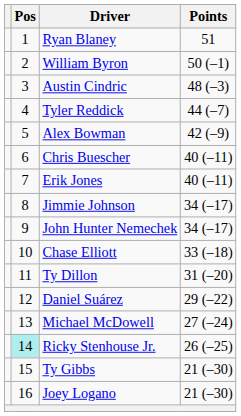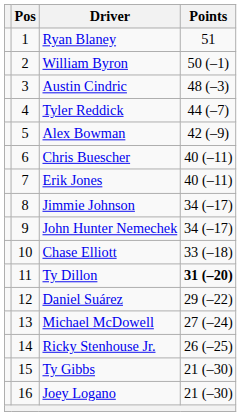 <table class="wikitable" style="font-size: 95%;">
 <tr>
 <th></th>
 <th>Pos</th>
 <th>Driver</th>
 <th>Points</th>
 </tr>
 <tr>
 <td align="left"></td>
 <td style="text-align:center;">1</td>
 <td><a href='#'>Ryan Blaney</a></td>
 <td style="text-align:center;">51</td>
 </tr>
 <tr>
 <td align="left"></td>
 <td style="text-align:center;">2</td>
 <td><a href='#'>William Byron</a></td>
 <td style="text-align:center;">50 (–1)</td>
 </tr>
 <tr>
 <td align="left"></td>
 <td style="text-align:center;">3</td>
 <td><a href='#'>Austin Cindric</a></td>
 <td style="text-align:center;">48 (–3)</td>
 </tr>
 <tr>
 <td align="left"></td>
 <td style="text-align:center;">4</td>
 <td><a href='#'>Tyler Reddick</a></td>
 <td style="text-align:center;">44 (–7)</td>
 </tr>
 <tr>
 <td align="left"></td>
 <td style="text-align:center;">5</td>
 <td><a href='#'>Alex Bowman</a></td>
 <td style="text-align:center;">42 (–9)</td>
 </tr>
 <tr>
 <td align="left"></td>
 <td style="text-align:center;">6</td>
 <td><a href='#'>Chris Buescher</a></td>
 <td style="text-align:center;">40 (–11)</td>
 </tr>
 <tr>
 <td align="left"></td>
 <td style="text-align:center;">7</td>
 <td><a href='#'>Erik Jones</a></td>
 <td style="text-align:center;">40 (–11)</td>
 </tr>
 <tr>
 <td align="left"></td>
 <td style="text-align:center;">8</td>
 <td><a href='#'>Jimmie Johnson</a></td>
 <td style="text-align:center;">34 (–17)</td>
 </tr>
 <tr>
 <td align="left"></td>
 <td style="text-align:center;">9</td>
 <td><a href='#'>John Hunter Nemechek</a></td>
 <td style="text-align:center;">34 (–17)</td>
 </tr>
 <tr>
 <td align="left"></td>
 <td style="text-align:center;">10</td>
 <td><a href='#'>Chase Elliott</a></td>
 <td style="text-align:center;">33 (–18)</td>
 </tr>
 <tr>
 <td align="left"></td>
 <td style="text-align:center;">11</td>
 <td><a href='#'>Ty Dillon</a></td>
-<td style="text-align:center;">31 (–20)</td>
+<td style="text-align:center;"><strong>31 (–20)</strong></td>
 </tr>
 <tr>
 <td align="left"></td>
 <td style="text-align:center;">12</td>
 <td><a href='#'>Daniel Suárez</a></td>
 <td style="text-align:center;">29 (–22)</td>
 </tr>
 <tr>
 <td align="left"></td>
 <td style="text-align:center;">13</td>
 <td><a href='#'>Michael McDowell</a></td>
 <td style="text-align:center;">27 (–24)</td>
 </tr>
 <tr>
 <td align="left"></td>
-<td style="background: paleturquoise; text-align:center;">14</td>
+<td style="text-align:center;">14</td>
 <td><a href='#'>Ricky Stenhouse Jr.</a></td>
 <td style="text-align:center;">26 (–25)</td>
 </tr>
 <tr>
 <td align="left"></td>
 <td style="text-align:center;">15</td>
 <td><a href='#'>Ty Gibbs</a></td>
 <td style="text-align:center;">21 (–30)</td>
 </tr>
 <tr>
 <td align="left"></td>
 <td style="text-align:center;">16</td>
 <td><a href='#'>Joey Logano</a></td>
 <td style="text-align:center;">21 (–30)</td>
 </tr>
 <tr class="sortbottom">
 <th colspan="9"></th>
 </tr>
 </table>
